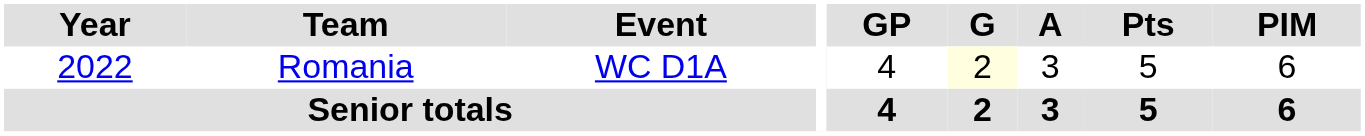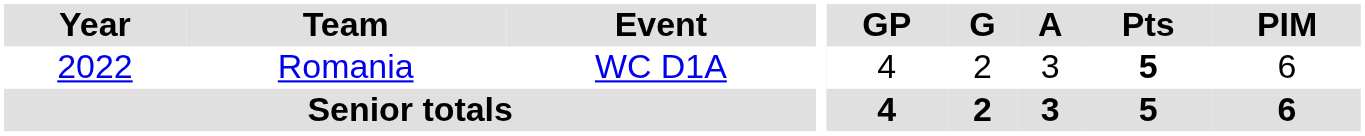 <table border="0" cellpadding="1" cellspacing="0" ID="Table3" style="text-align:center; width:40em">
 <tr ALIGN="center" bgcolor="#e0e0e0">
 <th>Year</th>
 <th>Team</th>
 <th>Event</th>
 <th rowspan="99" bgcolor="#ffffff"></th>
 <th>GP</th>
 <th>G</th>
 <th>A</th>
 <th>Pts</th>
 <th>PIM</th>
 </tr>
 <tr>
 <td><a href='#'>2022</a></td>
 <td><a href='#'>Romania</a></td>
 <td><a href='#'>WC D1A</a></td>
 <td>4</td>
-<td style="background: lightyellow;">2</td>
+<td>2</td>
 <td>3</td>
-<td>5</td>
+<td><strong>5</strong></td>
 <td>6</td>
 </tr>
 <tr bgcolor="#e0e0e0">
 <th colspan="3">Senior totals</th>
 <th>4</th>
 <th>2</th>
 <th>3</th>
 <th>5</th>
 <th>6</th>
 </tr>
 </table>
